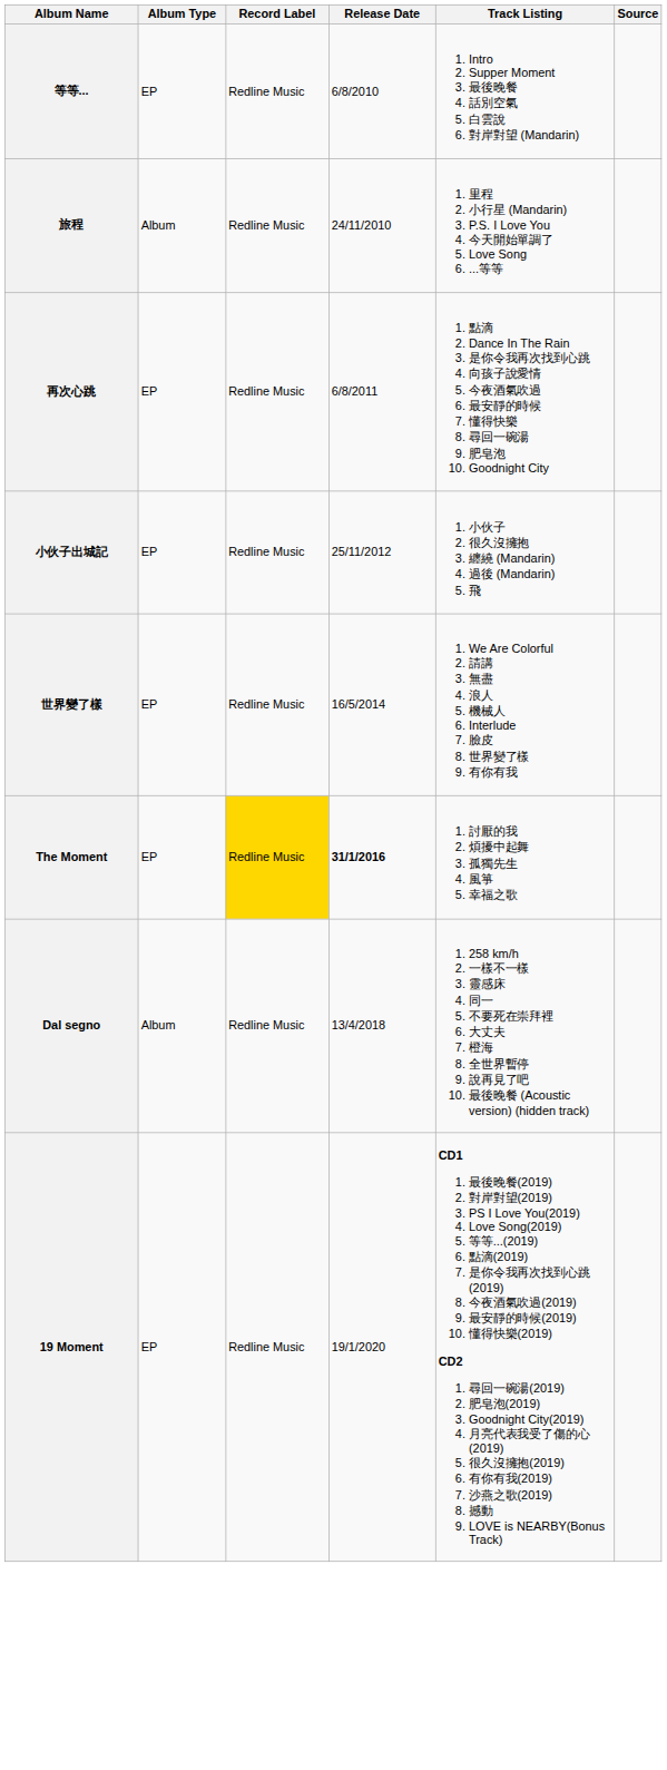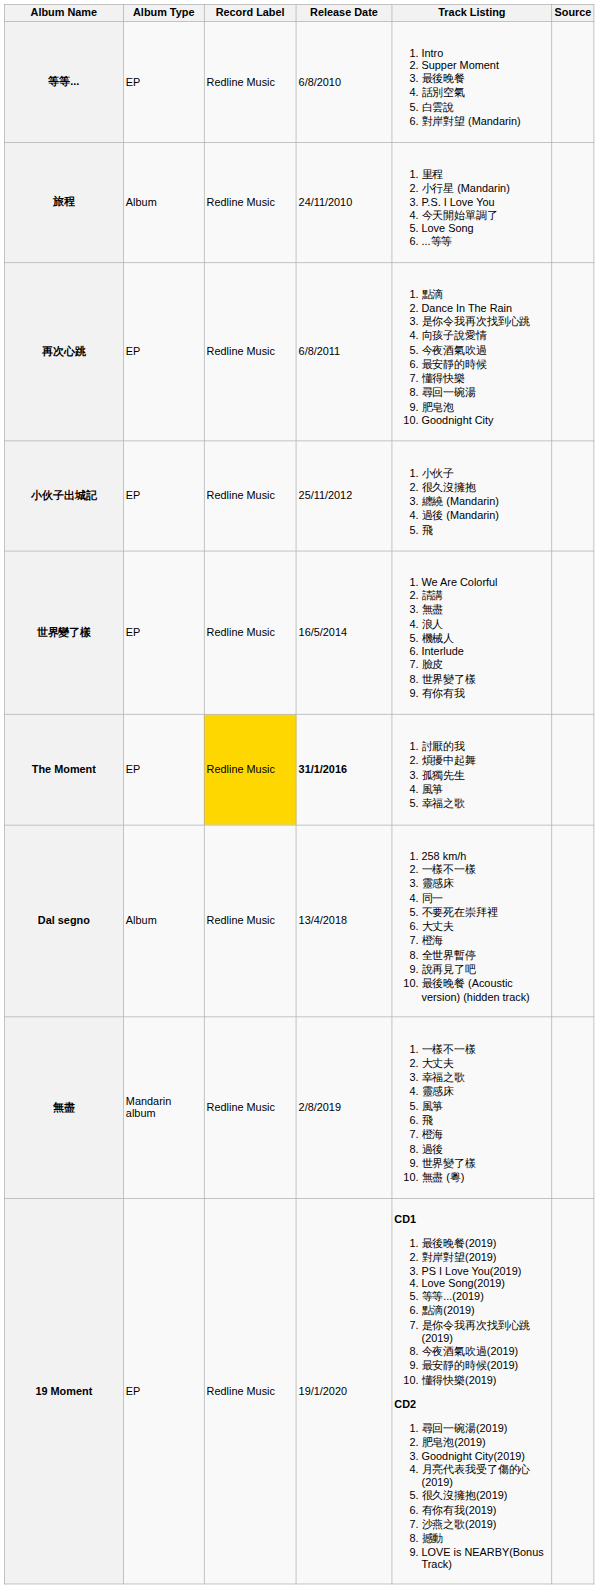 <table class="wikitable">
 <tr>
 <th align="left" width="200px">Album Name</th>
 <th align="left" width="125px">Album Type</th>
 <th align="left" width="150px">Record Label</th>
 <th align="left" width="150px">Release Date</th>
 <th align="left" width="250px">Track Listing</th>
 <th align="left" width="30px">Source</th>
 </tr>
 <tr>
 <th>等等...</th>
 <td>EP</td>
 <td>Redline Music</td>
 <td>6/8/2010</td>
 <td><br><ol><li>Intro</li><li>Supper Moment</li><li>最後晚餐</li><li>話別空氣</li><li>白雲說</li><li>對岸對望 (Mandarin)</li></ol></td>
 <td></td>
 </tr>
 <tr>
 <th>旅程</th>
 <td>Album</td>
 <td>Redline Music</td>
 <td>24/11/2010</td>
 <td><br><ol><li>里程</li><li>小行星 (Mandarin)</li><li>P.S. I Love You</li><li>今天開始單調了</li><li>Love Song</li><li>...等等</li></ol></td>
 <td></td>
 </tr>
 <tr>
 <th>再次心跳</th>
 <td>EP</td>
 <td>Redline Music</td>
 <td>6/8/2011</td>
 <td><br><ol><li>點滴</li><li>Dance In The Rain</li><li>是你令我再次找到心跳</li><li>向孩子說愛情</li><li>今夜酒氣吹過</li><li>最安靜的時候</li><li>懂得快樂</li><li>尋回一碗湯</li><li>肥皂泡</li><li>Goodnight City</li></ol></td>
 <td></td>
 </tr>
 <tr>
 <th>小伙子出城記</th>
 <td>EP</td>
 <td>Redline Music</td>
 <td>25/11/2012</td>
 <td><br><ol><li>小伙子</li><li>很久沒擁抱</li><li>纏繞 (Mandarin)</li><li>過後 (Mandarin)</li><li>飛</li></ol></td>
 <td></td>
 </tr>
 <tr>
 <th>世界變了樣</th>
 <td>EP</td>
 <td>Redline Music</td>
 <td>16/5/2014</td>
 <td><br><ol><li>We Are Colorful</li><li>請講</li><li>無盡</li><li>浪人</li><li>機械人</li><li>Interlude</li><li>臉皮</li><li>世界變了樣</li><li>有你有我</li></ol></td>
 <td></td>
 </tr>
 <tr>
 <th>The Moment</th>
 <td>EP</td>
 <td style="background: gold;">Redline Music</td>
 <td><strong>31/1/2016</strong></td>
 <td><br><ol><li>討厭的我</li><li>煩擾中起舞</li><li>孤獨先生</li><li>風箏</li><li>幸福之歌</li></ol></td>
 </tr>
 <tr>
 <th>Dal segno</th>
 <td>Album</td>
 <td>Redline Music</td>
 <td>13/4/2018</td>
 <td><br><ol><li>258 km/h</li><li>一樣不一樣</li><li>靈感床</li><li>同一</li><li>不要死在崇拜裡</li><li>大丈夫</li><li>橙海</li><li>全世界暫停</li><li>說再見了吧</li><li>最後晚餐 (Acoustic version) (hidden track)</li></ol></td>
 <td></td>
 </tr>
 <tr>
+<th>無盡</th>
+<td>Mandarin album</td>
+<td>Redline Music</td>
+<td>2/8/2019</td>
+<td><br><ol><li>一樣不一樣</li><li>大丈夫</li><li>幸福之歌</li><li>靈感床</li><li>風箏</li><li>飛</li><li>橙海</li><li>過後</li><li>世界變了樣</li><li>無盡 (粵)</li></ol></td>
+<td></td>
+</tr>
+<tr>
 <th>19 Moment</th>
 <td>EP</td>
 <td>Redline Music</td>
 <td>19/1/2020</td>
 <td><br><strong>CD1</strong><ol><li>最後晚餐(2019)</li><li>對岸對望(2019)</li><li>PS I Love You(2019)</li><li>Love Song(2019)</li><li>等等...(2019)</li><li>點滴(2019)</li><li>是你令我再次找到心跳 (2019)</li><li>今夜酒氣吹過(2019)</li><li>最安靜的時候(2019)</li><li>懂得快樂(2019)</li></ol><strong>CD2</strong><ol><li>尋回一碗湯(2019)</li><li>肥皂泡(2019)</li><li>Goodnight City(2019)</li><li>月亮代表我受了傷的心(2019)</li><li>很久沒擁抱(2019)</li><li>有你有我(2019)</li><li>沙燕之歌(2019)</li><li>撼動</li><li>LOVE is NEARBY(Bonus Track)</li></ol></td>
 <td></td>
 </tr>
 </table>
